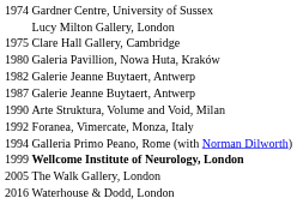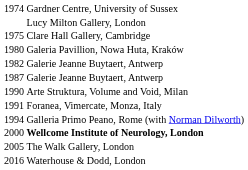 <table>
 <tr>
 <td>1974</td>
 <td>Gardner Centre, University of Sussex</td>
 </tr>
 <tr>
 <td></td>
 <td>Lucy Milton Gallery, London</td>
 </tr>
 <tr>
 <td>1975</td>
 <td>Clare Hall Gallery, Cambridge</td>
 </tr>
 <tr>
 <td>1980</td>
 <td>Galeria Pavillion, Nowa Huta, Kraków</td>
 </tr>
 <tr>
 <td>1982</td>
 <td>Galerie Jeanne Buytaert, Antwerp</td>
 </tr>
 <tr>
 <td>1987</td>
 <td>Galerie Jeanne Buytaert, Antwerp</td>
 </tr>
 <tr>
 <td>1990</td>
 <td>Arte Struktura, Volume and Void, Milan</td>
 </tr>
 <tr>
-<td>1992</td>
+<td>1991</td>
 <td>Foranea, Vimercate, Monza, Italy</td>
 </tr>
 <tr>
 <td>1994</td>
 <td>Galleria Primo Peano, Rome (with <a href='#'>Norman Dilworth</a>)</td>
 </tr>
 <tr>
-<td>1999</td>
+<td>2000</td>
 <td><strong>Wellcome Institute of Neurology, London</strong></td>
 </tr>
 <tr>
 <td>2005</td>
 <td>The Walk Gallery, London</td>
 </tr>
 <tr>
 <td>2016</td>
 <td>Waterhouse & Dodd, London</td>
 </tr>
 </table>
